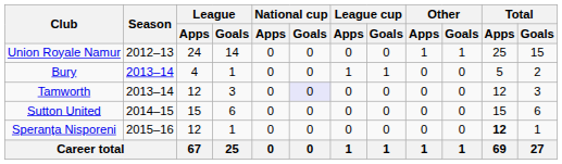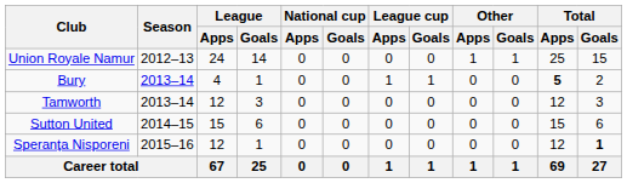 <table class="wikitable" style="text-align:center">
 <tr>
 <th rowspan="2">Club</th>
 <th rowspan="2">Season</th>
 <th colspan="2">League</th>
 <th colspan="2">National cup</th>
 <th colspan="2">League cup</th>
 <th colspan="2">Other</th>
 <th colspan="2">Total</th>
 </tr>
 <tr>
 <th>Apps</th>
 <th>Goals</th>
 <th>Apps</th>
 <th>Goals</th>
 <th>Apps</th>
 <th>Goals</th>
 <th>Apps</th>
 <th>Goals</th>
 <th>Apps</th>
 <th>Goals</th>
 </tr>
 <tr>
 <td><a href='#'>Union Royale Namur</a></td>
 <td>2012–13</td>
 <td>24</td>
 <td>14</td>
 <td>0</td>
 <td>0</td>
 <td>0</td>
 <td>0</td>
 <td>1</td>
 <td>1</td>
 <td>25</td>
 <td>15</td>
 </tr>
 <tr>
 <td><a href='#'>Bury</a></td>
 <td><a href='#'>2013–14</a></td>
 <td>4</td>
 <td>1</td>
 <td>0</td>
 <td>0</td>
 <td>1</td>
 <td>1</td>
 <td>0</td>
 <td>0</td>
-<td>5</td>
+<td><strong>5</strong></td>
 <td>2</td>
 </tr>
 <tr>
 <td><a href='#'>Tamworth</a></td>
 <td>2013–14</td>
 <td>12</td>
 <td>3</td>
 <td>0</td>
-<td style="background: lavender;">0</td>
+<td>0</td>
 <td>0</td>
 <td>0</td>
 <td>0</td>
 <td>0</td>
 <td>12</td>
 <td>3</td>
 </tr>
 <tr>
 <td><a href='#'>Sutton United</a></td>
 <td>2014–15</td>
 <td>15</td>
 <td>6</td>
 <td>0</td>
 <td>0</td>
 <td>0</td>
 <td>0</td>
 <td>0</td>
 <td>0</td>
 <td>15</td>
 <td>6</td>
 </tr>
 <tr>
 <td><a href='#'>Speranța Nisporeni</a></td>
 <td>2015–16</td>
 <td>12</td>
 <td>1</td>
 <td>0</td>
 <td>0</td>
 <td>0</td>
 <td>0</td>
 <td>0</td>
 <td>0</td>
-<td><strong>12</strong></td>
-<td>1</td>
+<td>12</td>
+<td><strong>1</strong></td>
 </tr>
 <tr>
 <th colspan="2">Career total</th>
 <th>67</th>
 <th>25</th>
 <th>0</th>
 <th>0</th>
 <th>1</th>
 <th>1</th>
 <th>1</th>
 <th>1</th>
 <th>69</th>
 <th>27</th>
 </tr>
 </table>
